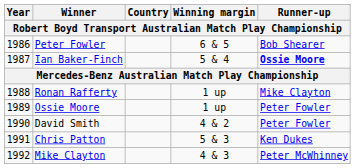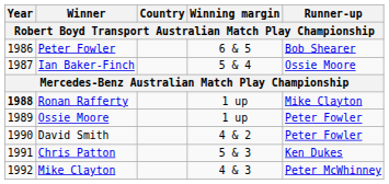 <table class="wikitable">
 <tr>
 <th>Year</th>
 <th>Winner</th>
 <th>Country</th>
 <th>Winning margin</th>
 <th>Runner-up</th>
 </tr>
 <tr>
 <th colspan=7>Robert Boyd Transport Australian Match Play Championship</th>
 </tr>
 <tr>
 <td>1986</td>
 <td><a href='#'>Peter Fowler</a></td>
 <td></td>
 <td align=center>6 & 5</td>
 <td> <a href='#'>Bob Shearer</a></td>
 </tr>
 <tr>
 <td>1987</td>
 <td><a href='#'>Ian Baker-Finch</a></td>
 <td></td>
 <td align=center>5 & 4</td>
-<td><strong> <a href='#'>Ossie Moore</a></strong></td>
+<td> <a href='#'>Ossie Moore</a></td>
 </tr>
 <tr>
 <th colspan=7>Mercedes-Benz Australian Match Play Championship</th>
 </tr>
 <tr>
-<td>1988</td>
+<td><strong>1988</strong></td>
 <td><a href='#'>Ronan Rafferty</a></td>
 <td></td>
 <td align=center>1 up</td>
 <td> <a href='#'>Mike Clayton</a></td>
 </tr>
 <tr>
 <td>1989</td>
 <td><a href='#'>Ossie Moore</a></td>
 <td></td>
 <td align=center>1 up</td>
 <td> <a href='#'>Peter Fowler</a></td>
 </tr>
 <tr>
 <td>1990</td>
 <td>David Smith</td>
 <td></td>
 <td align=center>4 & 2</td>
 <td> <a href='#'>Peter Fowler</a></td>
 </tr>
 <tr>
 <td>1991</td>
 <td><a href='#'>Chris Patton</a></td>
 <td></td>
 <td align=center>5 & 3</td>
 <td> <a href='#'>Ken Dukes</a></td>
 </tr>
 <tr>
 <td>1992</td>
 <td><a href='#'>Mike Clayton</a></td>
 <td></td>
 <td align=center>4 & 3</td>
 <td> <a href='#'>Peter McWhinney</a></td>
 </tr>
 </table>
